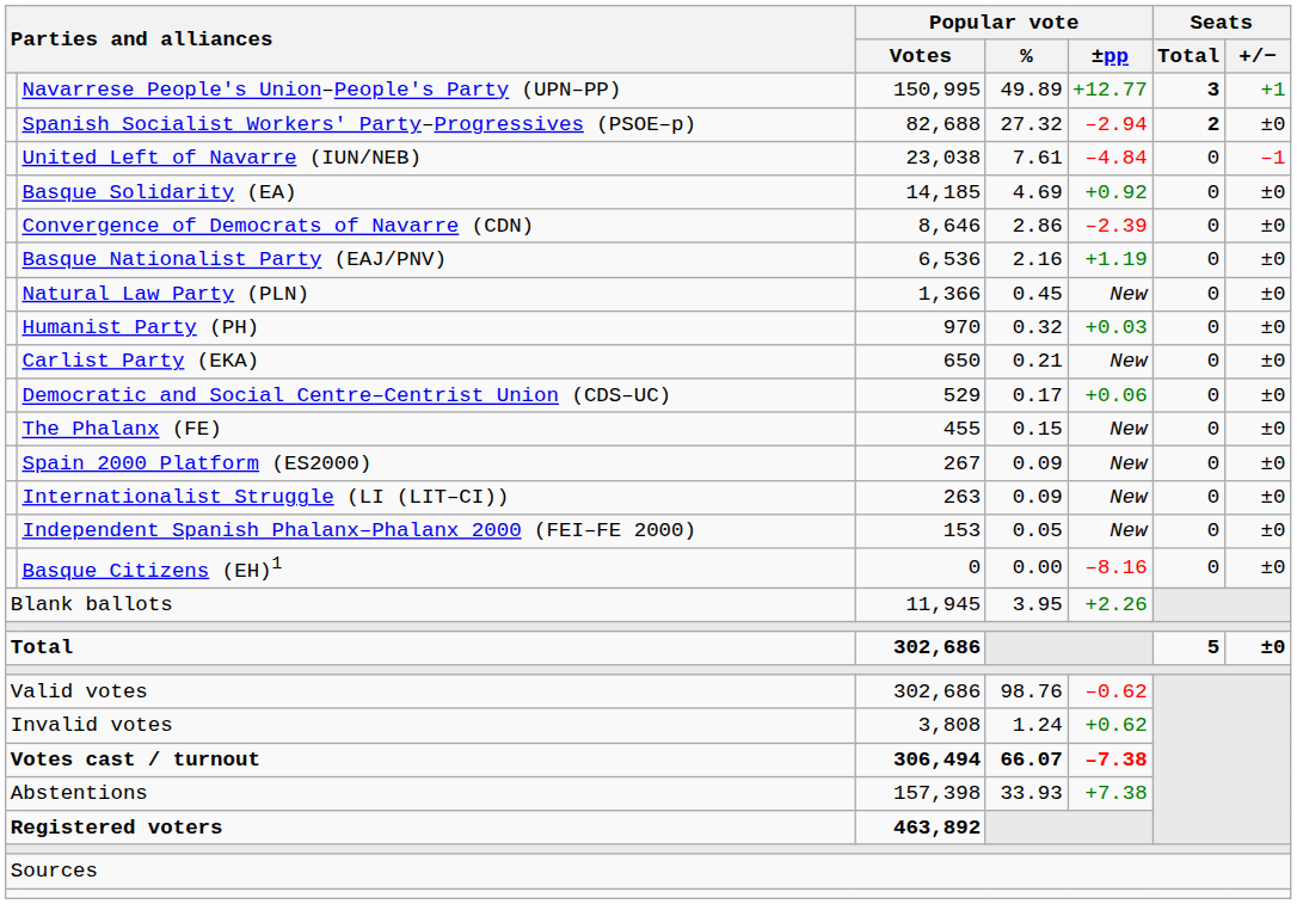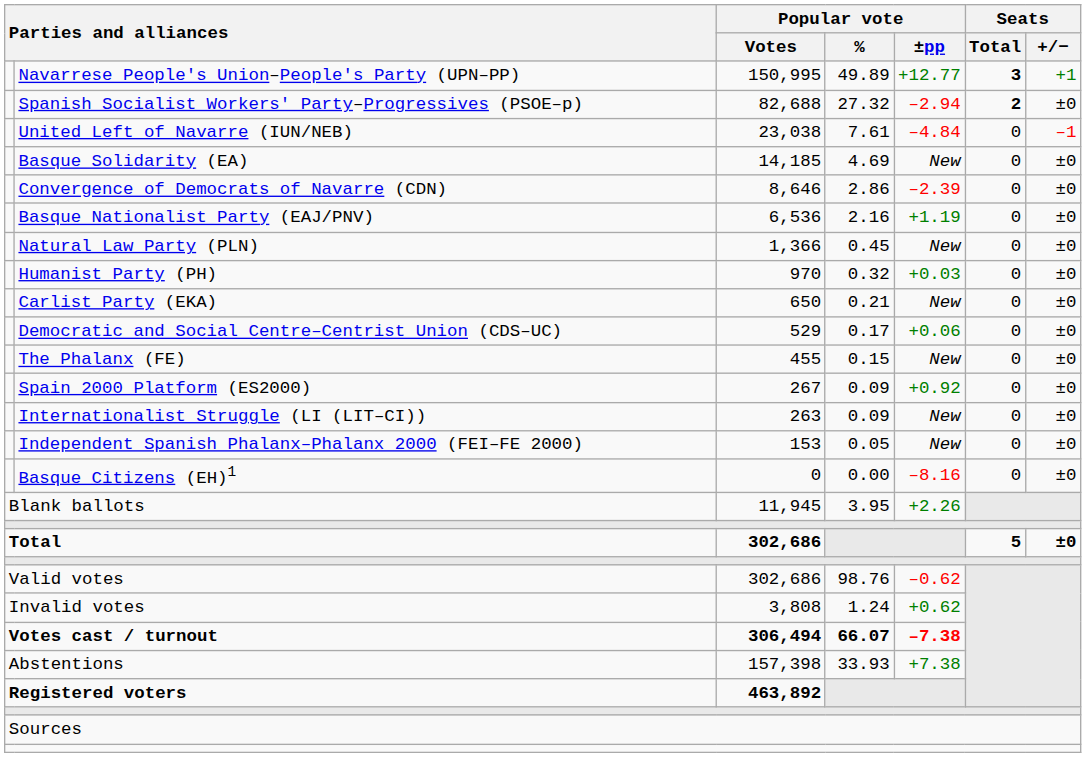 <table class="wikitable" style="text-align:right;">
 <tr>
 <th style="text-align:left;" rowspan="2" colspan="2" width="525">Parties and alliances</th>
 <th colspan="3">Popular vote</th>
 <th colspan="2">Seats</th>
 </tr>
 <tr>
 <th width="75">Votes</th>
 <th width="45">%</th>
 <th width="45">±<a href='#'>pp</a></th>
 <th width="35">Total</th>
 <th width="35">+/−</th>
 </tr>
 <tr>
 <td width="1" style="color:inherit;background:"></td>
 <td align="left"><a href='#'>Navarrese People's Union</a>–<a href='#'>People's Party</a> (UPN–PP)</td>
 <td>150,995</td>
 <td>49.89</td>
 <td style="color:green;">+12.77</td>
 <td><strong>3</strong></td>
 <td style="color:green;">+1</td>
 </tr>
 <tr>
 <td style="color:inherit;background:"></td>
 <td align="left"><a href='#'>Spanish Socialist Workers' Party</a>–<a href='#'>Progressives</a> (PSOE–p)</td>
 <td>82,688</td>
 <td>27.32</td>
 <td style="color:red;">–2.94</td>
 <td><strong>2</strong></td>
 <td>±0</td>
 </tr>
 <tr>
 <td style="color:inherit;background:"></td>
 <td align="left"><a href='#'>United Left of Navarre</a> (IUN/NEB)</td>
 <td>23,038</td>
 <td>7.61</td>
 <td style="color:red;">–4.84</td>
 <td>0</td>
 <td style="color:red;">–1</td>
 </tr>
 <tr>
 <td style="color:inherit;background:"></td>
 <td align="left"><a href='#'>Basque Solidarity</a> (EA)</td>
 <td>14,185</td>
 <td>4.69</td>
-<td style="color:green;">+0.92</td>
+<td><em>New</em></td>
 <td>0</td>
 <td>±0</td>
 </tr>
 <tr>
 <td style="color:inherit;background:"></td>
 <td align="left"><a href='#'>Convergence of Democrats of Navarre</a> (CDN)</td>
 <td>8,646</td>
 <td>2.86</td>
 <td style="color:red;">–2.39</td>
 <td>0</td>
 <td>±0</td>
 </tr>
 <tr>
 <td style="color:inherit;background:"></td>
 <td align="left"><a href='#'>Basque Nationalist Party</a> (EAJ/PNV)</td>
 <td>6,536</td>
 <td>2.16</td>
 <td style="color:green;">+1.19</td>
 <td>0</td>
 <td>±0</td>
 </tr>
 <tr>
 <td style="color:inherit;background:"></td>
 <td align="left"><a href='#'>Natural Law Party</a> (PLN)</td>
 <td>1,366</td>
 <td>0.45</td>
 <td><em>New</em></td>
 <td>0</td>
 <td>±0</td>
 </tr>
 <tr>
 <td style="color:inherit;background:"></td>
 <td align="left"><a href='#'>Humanist Party</a> (PH)</td>
 <td>970</td>
 <td>0.32</td>
 <td style="color:green;">+0.03</td>
 <td>0</td>
 <td>±0</td>
 </tr>
 <tr>
 <td style="color:inherit;background:"></td>
 <td align="left"><a href='#'>Carlist Party</a> (EKA)</td>
 <td>650</td>
 <td>0.21</td>
 <td><em>New</em></td>
 <td>0</td>
 <td>±0</td>
 </tr>
 <tr>
 <td style="color:inherit;background:"></td>
 <td align="left"><a href='#'>Democratic and Social Centre–Centrist Union</a> (CDS–UC)</td>
 <td>529</td>
 <td>0.17</td>
 <td style="color:green;">+0.06</td>
 <td>0</td>
 <td>±0</td>
 </tr>
 <tr>
 <td style="color:inherit;background:"></td>
 <td align="left"><a href='#'>The Phalanx</a> (FE)</td>
 <td>455</td>
 <td>0.15</td>
 <td><em>New</em></td>
 <td>0</td>
 <td>±0</td>
 </tr>
 <tr>
 <td style="color:inherit;background:"></td>
 <td align="left"><a href='#'>Spain 2000 Platform</a> (ES2000)</td>
 <td>267</td>
 <td>0.09</td>
-<td><em>New</em></td>
+<td style="color:green;">+0.92</td>
 <td>0</td>
 <td>±0</td>
 </tr>
 <tr>
 <td style="color:inherit;background:"></td>
 <td align="left"><a href='#'>Internationalist Struggle</a> (LI (LIT–CI))</td>
 <td>263</td>
 <td>0.09</td>
 <td><em>New</em></td>
 <td>0</td>
 <td>±0</td>
 </tr>
 <tr>
 <td style="color:inherit;background:"></td>
 <td align="left"><a href='#'>Independent Spanish Phalanx–Phalanx 2000</a> (FEI–FE 2000)</td>
 <td>153</td>
 <td>0.05</td>
 <td><em>New</em></td>
 <td>0</td>
 <td>±0</td>
 </tr>
 <tr>
 <td style="color:inherit;background:"></td>
 <td align="left"><a href='#'>Basque Citizens</a> (EH)<sup>1</sup></td>
 <td>0</td>
 <td>0.00</td>
 <td style="color:red;">–8.16</td>
 <td>0</td>
 <td>±0</td>
 </tr>
 <tr>
 <td align="left" colspan="2">Blank ballots</td>
 <td>11,945</td>
 <td>3.95</td>
 <td style="color:green;">+2.26</td>
 <td bgcolor="#E9E9E9" colspan="2"></td>
 </tr>
 <tr>
 <td colspan="7" bgcolor="#E9E9E9"></td>
 </tr>
 <tr style="font-weight:bold;">
 <td align="left" colspan="2">Total</td>
 <td>302,686</td>
 <td bgcolor="#E9E9E9" colspan="2"></td>
 <td>5</td>
 <td>±0</td>
 </tr>
 <tr>
 <td colspan="7" bgcolor="#E9E9E9"></td>
 </tr>
 <tr>
 <td align="left" colspan="2">Valid votes</td>
 <td>302,686</td>
 <td>98.76</td>
 <td style="color:red;">–0.62</td>
 <td bgcolor="#E9E9E9" colspan="2" rowspan="5"></td>
 </tr>
 <tr>
 <td align="left" colspan="2">Invalid votes</td>
 <td>3,808</td>
 <td>1.24</td>
 <td style="color:green;">+0.62</td>
 </tr>
 <tr style="font-weight:bold;">
 <td align="left" colspan="2">Votes cast / turnout</td>
 <td>306,494</td>
 <td>66.07</td>
 <td style="color:red;">–7.38</td>
 </tr>
 <tr>
 <td align="left" colspan="2">Abstentions</td>
 <td>157,398</td>
 <td>33.93</td>
 <td style="color:green;">+7.38</td>
 </tr>
 <tr style="font-weight:bold;">
 <td align="left" colspan="2">Registered voters</td>
 <td>463,892</td>
 <td bgcolor="#E9E9E9" colspan="2"></td>
 </tr>
 <tr>
 <td colspan="7" bgcolor="#E9E9E9"></td>
 </tr>
 <tr>
 <td align="left" colspan="7">Sources</td>
 </tr>
 <tr>
 <td colspan="7" style="text-align:left; max-width:790px;"></td>
 </tr>
 </table>
